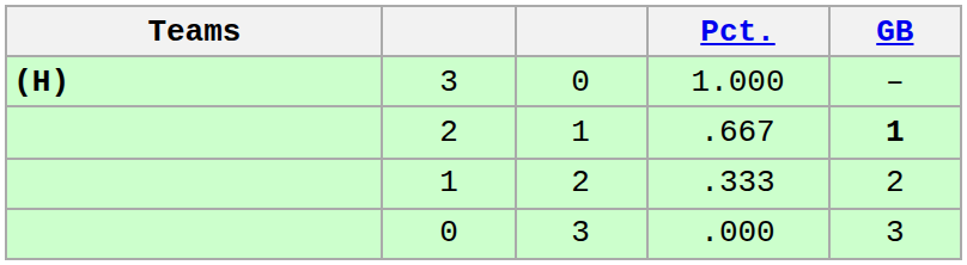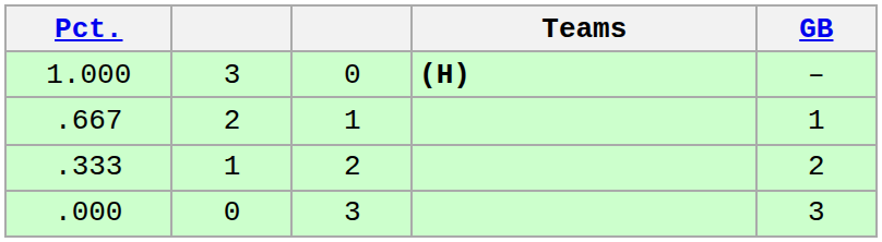 <table class="wikitable" width="400" style=text-align:center;">
 <tr>
-<th width="20%">Teams</th>
+<th width="8%"><a href='#'>Pct.</a></th>
 <th width="7%"></th>
 <th width="7%"></th>
-<th width="8%"><a href='#'>Pct.</a></th>
+<th width="20%">Teams</th>
 <th width="7%"><a href='#'>GB</a></th>
 </tr>
 <tr style="background-color:#cfc">
-<td align=left> <strong>(H)</strong></td>
+<td>1.000</td>
 <td>3</td>
 <td>0</td>
-<td>1.000</td>
+<td align=left> <strong>(H)</strong></td>
 <td>–</td>
 </tr>
 <tr style="background-color:#cfc">
-<td align=left></td>
+<td>.667</td>
 <td>2</td>
 <td>1</td>
-<td>.667</td>
-<td><strong>1</strong></td>
+<td align=left></td>
+<td>1</td>
 </tr>
 <tr style="background-color:#cfc">
-<td align=left></td>
+<td>.333</td>
 <td>1</td>
 <td>2</td>
-<td>.333</td>
+<td align=left></td>
 <td>2</td>
 </tr>
 <tr style="background-color:#cfc">
-<td align=left></td>
+<td>.000</td>
 <td>0</td>
 <td>3</td>
-<td>.000</td>
+<td align=left></td>
 <td>3</td>
 </tr>
 </table>
